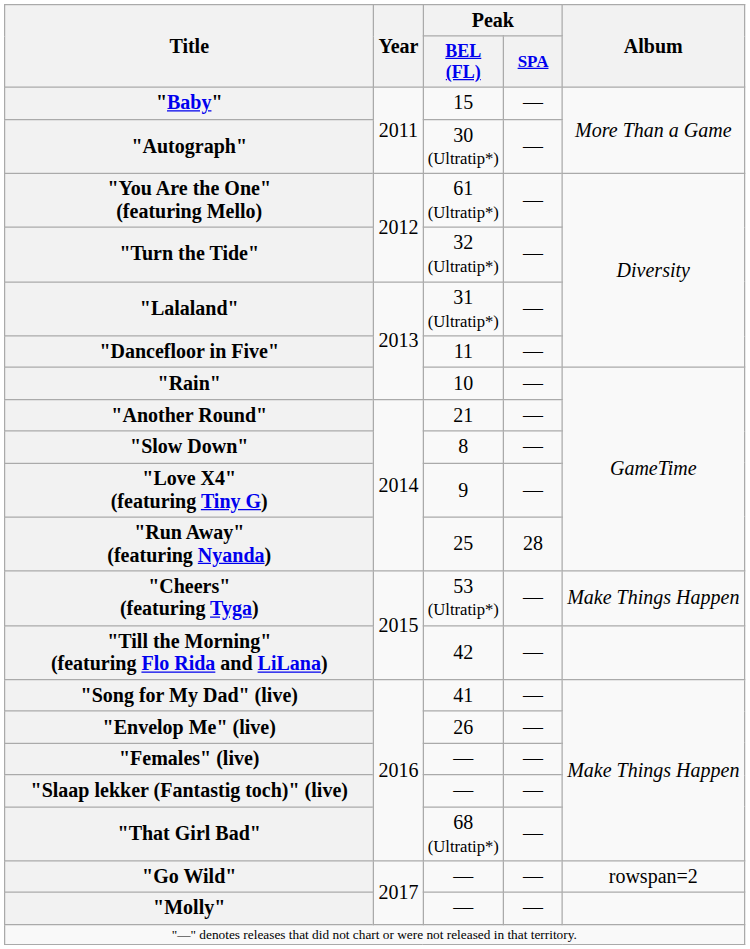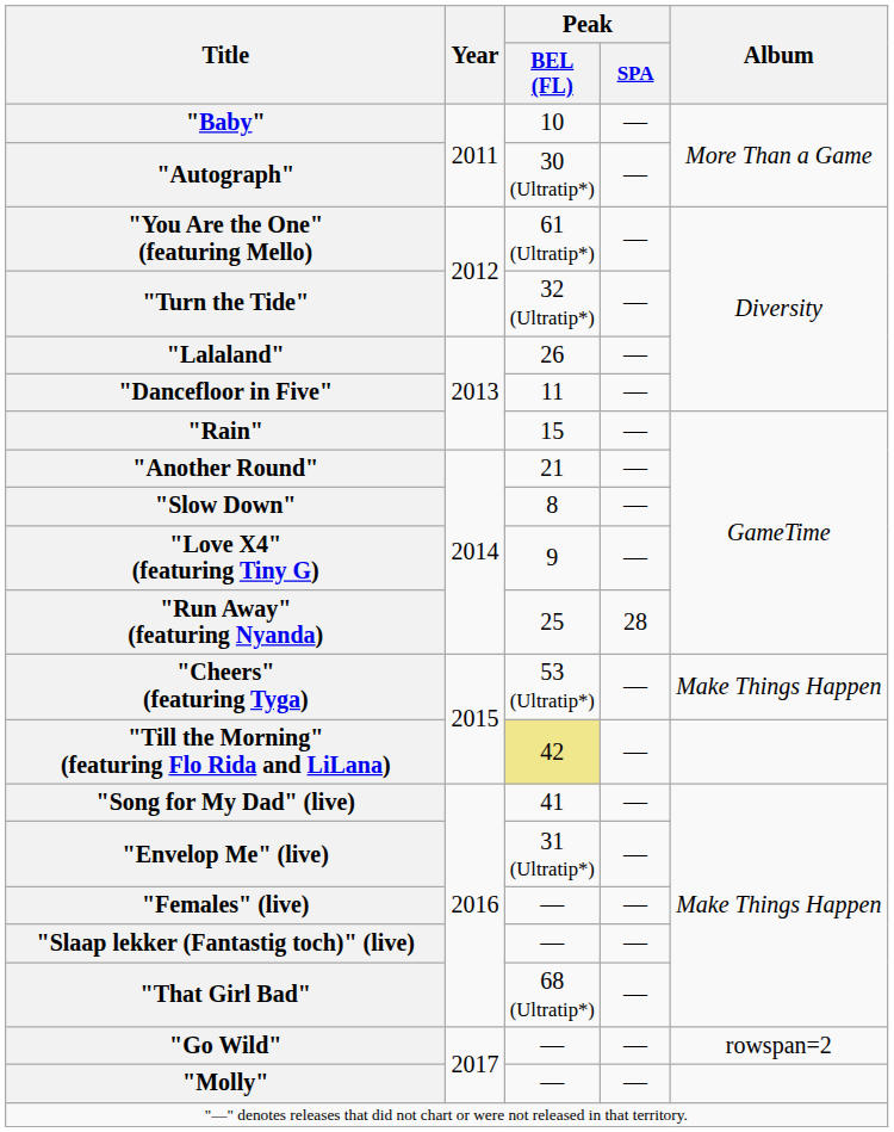 <table class="wikitable plainrowheaders" style="text-align:center;">
 <tr>
 <th scope="col" rowspan="2" style="width:18em;">Title</th>
 <th scope="col" rowspan="2">Year</th>
 <th scope="col" colspan="2">Peak</th>
 <th scope="col" rowspan="2">Album</th>
 </tr>
 <tr>
 <th scope="col" style="width:4em;font-size:90%;"><a href='#'>BEL<br>(FL)</a><br></th>
 <th scope="col" style="width:3em;font-size:85%;"><a href='#'>SPA</a><br></th>
 </tr>
 <tr>
 <th scope="row">"<a href='#'>Baby</a>"</th>
 <td rowspan=2>2011</td>
-<td>15</td>
+<td>10</td>
 <td>—</td>
 <td rowspan=2><em>More Than a Game</em></td>
 </tr>
 <tr>
 <th scope="row">"Autograph"</th>
 <td>30<br><small>(Ultratip*)</small></td>
 <td>—</td>
 </tr>
 <tr>
 <th scope="row">"You Are the One"<br><span>(featuring Mello)</span></th>
 <td rowspan=2>2012</td>
 <td>61<br><small>(Ultratip*)</small></td>
 <td>—</td>
 <td rowspan=4><em>Diversity</em></td>
 </tr>
 <tr>
 <th scope="row">"Turn the Tide"</th>
 <td>32<br><small>(Ultratip*)</small></td>
 <td>—</td>
 </tr>
 <tr>
 <th scope="row">"Lalaland"</th>
 <td rowspan=3>2013</td>
-<td>31<br><small>(Ultratip*)</small></td>
+<td>26</td>
 <td>—</td>
 </tr>
 <tr>
 <th scope="row">"Dancefloor in Five"</th>
 <td>11</td>
 <td>—</td>
 </tr>
 <tr>
 <th scope="row">"Rain"</th>
-<td>10</td>
+<td>15</td>
 <td>—</td>
 <td rowspan=5><em>GameTime</em></td>
 </tr>
 <tr>
 <th scope="row">"Another Round"</th>
 <td rowspan=4>2014</td>
 <td>21</td>
 <td>—</td>
 </tr>
 <tr>
 <th scope="row">"Slow Down"</th>
 <td>8</td>
 <td>—</td>
 </tr>
 <tr>
 <th scope="row">"Love X4"<br><span>(featuring <a href='#'>Tiny G</a>)</span></th>
 <td>9</td>
 <td>—</td>
 </tr>
 <tr>
 <th scope="row">"Run Away"<br><span>(featuring <a href='#'>Nyanda</a>)</span></th>
 <td>25</td>
 <td>28</td>
 </tr>
 <tr>
 <th scope="row">"Cheers"<br><span>(featuring <a href='#'>Tyga</a>)</span></th>
 <td rowspan=2>2015</td>
 <td>53<br><small>(Ultratip*)</small></td>
 <td>—</td>
 <td><em>Make Things Happen</em></td>
 </tr>
 <tr>
 <th scope="row">"Till the Morning"<br><span>(featuring <a href='#'>Flo Rida</a> and <a href='#'>LiLana</a>)</span></th>
-<td>42</td>
+<td style="background: khaki;">42</td>
 <td>—</td>
 <td></td>
 </tr>
 <tr>
 <th scope="row">"Song for My Dad" (live)</th>
 <td rowspan=5>2016</td>
 <td>41</td>
 <td>—</td>
 <td rowspan=5><em>Make Things Happen</em></td>
 </tr>
 <tr>
 <th scope="row">"Envelop Me" (live)</th>
-<td>26</td>
+<td>31<br><small>(Ultratip*)</small></td>
 <td>—</td>
 </tr>
 <tr>
 <th scope="row">"Females" (live)</th>
 <td>—</td>
 <td>—</td>
 </tr>
 <tr>
 <th scope="row">"Slaap lekker (Fantastig toch)" (live)</th>
 <td>—</td>
 <td>—</td>
 </tr>
 <tr>
 <th scope="row">"That Girl Bad"</th>
 <td>68<br><small>(Ultratip*)</small></td>
 <td>—</td>
 </tr>
 <tr>
 <th scope="row">"Go Wild"</th>
 <td rowspan=2>2017</td>
 <td>—</td>
 <td>—</td>
 <td>rowspan=2 </td>
 </tr>
 <tr>
 <th scope="row">"Molly"</th>
 <td>—</td>
 <td>—</td>
 </tr>
 <tr>
 <td colspan="17" style="text-align:center; font-size:8pt;">"—" denotes releases that did not chart or were not released in that territory.</td>
 </tr>
 </table>
